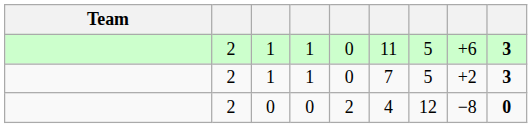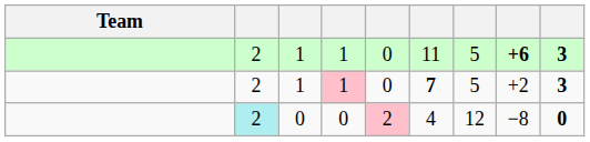 <table class="wikitable" style="text-align: center; font-size:90% ">
 <tr>
 <th width=160>Team</th>
 <th width=25></th>
 <th width=25></th>
 <th width=25></th>
 <th width=25></th>
 <th width=25></th>
 <th width=25></th>
 <th width=25></th>
 <th width=25></th>
 </tr>
 <tr bgcolor="ccffcc">
 <td align=left></td>
 <td>2</td>
 <td>1</td>
 <td>1</td>
 <td>0</td>
 <td>11</td>
 <td>5</td>
-<td>+6</td>
+<td><strong>+6</strong></td>
 <td><strong>3</strong></td>
 </tr>
 <tr>
 <td align=left></td>
 <td>2</td>
 <td>1</td>
-<td>1</td>
+<td style="background: pink;">1</td>
 <td>0</td>
-<td>7</td>
+<td><strong>7</strong></td>
 <td>5</td>
 <td>+2</td>
 <td><strong>3</strong></td>
 </tr>
 <tr>
 <td align=left></td>
-<td>2</td>
+<td style="background: paleturquoise;">2</td>
 <td>0</td>
 <td>0</td>
-<td>2</td>
+<td style="background: pink;">2</td>
 <td>4</td>
 <td>12</td>
 <td>−8</td>
 <td><strong>0</strong></td>
 </tr>
 </table>
